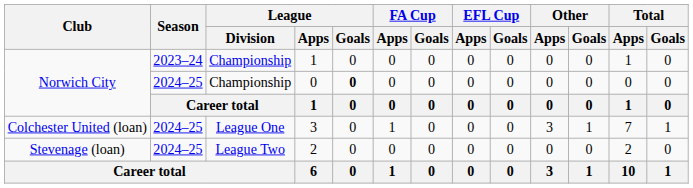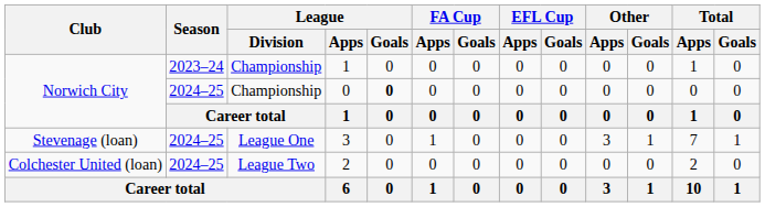 <table class=wikitable style=text-align:center>
 <tr>
 <th rowspan=2>Club</th>
 <th rowspan=2>Season</th>
 <th colspan=3>League</th>
 <th colspan=2><a href='#'>FA Cup</a></th>
 <th colspan=2><a href='#'>EFL Cup</a></th>
 <th colspan=2>Other</th>
 <th colspan=2>Total</th>
 </tr>
 <tr>
 <th>Division</th>
 <th>Apps</th>
 <th>Goals</th>
 <th>Apps</th>
 <th>Goals</th>
 <th>Apps</th>
 <th>Goals</th>
 <th>Apps</th>
 <th>Goals</th>
 <th>Apps</th>
 <th>Goals</th>
 </tr>
 <tr>
 <td rowspan=3><a href='#'>Norwich City</a></td>
 <td><a href='#'>2023–24</a></td>
 <td><a href='#'>Championship</a></td>
 <td>1</td>
 <td>0</td>
 <td>0</td>
 <td>0</td>
 <td>0</td>
 <td>0</td>
 <td>0</td>
 <td>0</td>
 <td>1</td>
 <td>0</td>
 </tr>
 <tr>
 <td><a href='#'>2024–25</a></td>
 <td>Championship</td>
 <td>0</td>
 <td><strong>0</strong></td>
 <td>0</td>
 <td>0</td>
 <td>0</td>
 <td>0</td>
 <td>0</td>
 <td>0</td>
 <td>0</td>
 <td>0</td>
 </tr>
 <tr>
 <th colspan="2">Career total</th>
 <th>1</th>
 <th>0</th>
 <th>0</th>
 <th>0</th>
 <th>0</th>
 <th>0</th>
 <th>0</th>
 <th>0</th>
 <th>1</th>
 <th>0</th>
 </tr>
 <tr>
-<td><a href='#'>Colchester United</a> (loan)</td>
+<td><a href='#'>Stevenage</a> (loan)</td>
 <td><a href='#'>2024–25</a></td>
 <td><a href='#'>League One</a></td>
 <td>3</td>
 <td>0</td>
 <td>1</td>
 <td>0</td>
 <td>0</td>
 <td>0</td>
 <td>3</td>
 <td>1</td>
 <td>7</td>
 <td>1</td>
 </tr>
 <tr>
-<td><a href='#'>Stevenage</a> (loan)</td>
+<td><a href='#'>Colchester United</a> (loan)</td>
 <td><a href='#'>2024–25</a></td>
 <td><a href='#'>League Two</a></td>
 <td>2</td>
 <td>0</td>
 <td>0</td>
 <td>0</td>
 <td>0</td>
 <td>0</td>
 <td>0</td>
 <td>0</td>
 <td>2</td>
 <td>0</td>
 </tr>
 <tr>
 <th colspan="3">Career total</th>
 <th>6</th>
 <th>0</th>
 <th>1</th>
 <th>0</th>
 <th>0</th>
 <th>0</th>
 <th>3</th>
 <th>1</th>
 <th>10</th>
 <th>1</th>
 </tr>
 </table>
